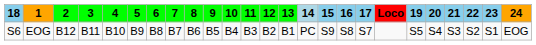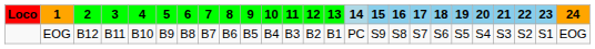 <table class="wikitable plainrowheaders unsortable" style="text-align:center">
 <tr>
-<th rowspan="1" scope="col" style="background:skyblue;">18</th>
+<th scope="col" rowspan="1" style="background:RED;">Loco</th>
 <th scope="col" rowspan="1" style="background:ORANGE;">1</th>
 <th rowspan="1" scope="col" style="background:lime;">2</th>
 <th rowspan="1" scope="col" style="background:lime;">3</th>
 <th rowspan="1" scope="col" style="background:lime;">4</th>
 <th rowspan="1" scope="col" style="background:lime;">5</th>
 <th rowspan="1" scope="col" style="background:lime;">6</th>
 <th rowspan="1" scope="col" style="background:lime;">7</th>
 <th rowspan="1" scope="col" style="background:lime;">8</th>
 <th rowspan="1" scope="col" style="background:lime;">9</th>
 <th rowspan="1" scope="col" style="background:lime;">10</th>
 <th rowspan="1" scope="col" style="background:lime;">11</th>
 <th rowspan="1" scope="col" style="background:lime;">12</th>
 <th rowspan="1" scope="col" style="background:lime;">13</th>
 <th rowspan="1" scope="col" style="background:lightblue;">14</th>
 <th rowspan="1" scope="col" style="background:skyblue;">15</th>
 <th rowspan="1" scope="col" style="background:skyblue;">16</th>
 <th rowspan="1" scope="col" style="background:skyblue;">17</th>
-<th scope="col" rowspan="1" style="background:RED;">Loco</th>
+<th rowspan="1" scope="col" style="background:skyblue;">18</th>
 <th rowspan="1" scope="col" style="background:skyblue;">19</th>
 <th rowspan="1" scope="col" style="background:skyblue;">20</th>
 <th rowspan="1" scope="col" style="background:skyblue;">21</th>
 <th rowspan="1" scope="col" style="background:skyblue;">22</th>
 <th rowspan="1" scope="col" style="background:skyblue;">23</th>
 <th rowspan="1" scope="col" style="background:ORANGE;">24</th>
 </tr>
 <tr>
-<td>S6</td>
+<td></td>
 <td>EOG</td>
 <td>B12</td>
 <td>B11</td>
 <td>B10</td>
 <td>B9</td>
 <td>B8</td>
 <td>B7</td>
 <td>B6</td>
 <td>B5</td>
 <td>B4</td>
 <td>B3</td>
 <td>B2</td>
 <td>B1</td>
 <td>PC</td>
 <td>S9</td>
 <td>S8</td>
 <td>S7</td>
-<td></td>
+<td>S6</td>
 <td>S5</td>
 <td>S4</td>
 <td>S3</td>
 <td>S2</td>
 <td>S1</td>
 <td>EOG</td>
 </tr>
 </table>
